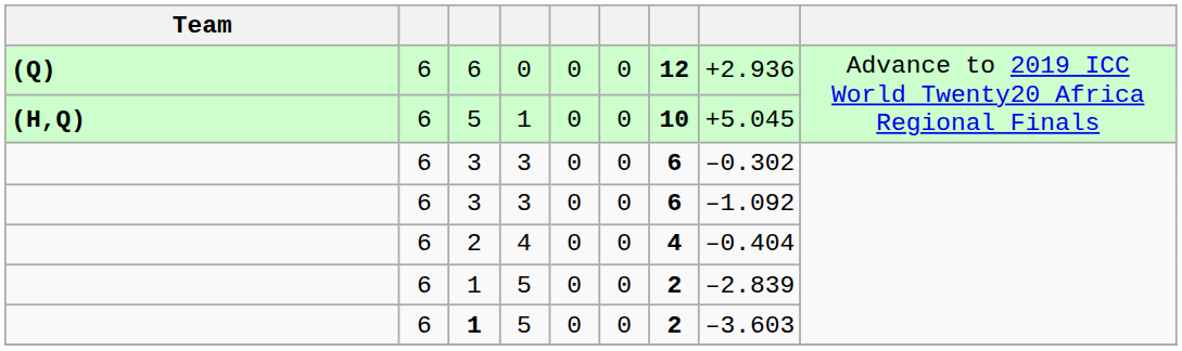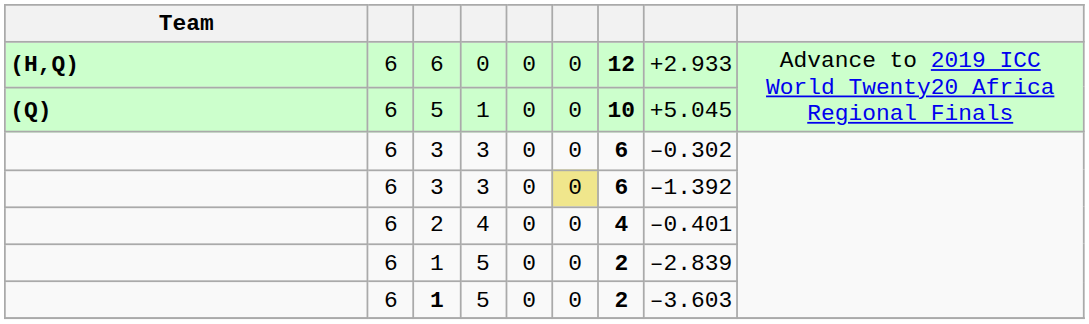 <table class="wikitable" style="text-align:center">
 <tr>
 <th width=200>Team</th>
 <th width=20></th>
 <th width=20></th>
 <th width=20></th>
 <th width=20></th>
 <th width=20></th>
 <th width=20></th>
 <th width=45></th>
 <th width=190></th>
 </tr>
 <tr style="background:#cfc">
-<td align="left"> <strong>(Q)</strong></td>
+<td align="left"> <strong>(H,Q)</strong></td>
 <td>6</td>
 <td>6</td>
 <td>0</td>
 <td>0</td>
 <td>0</td>
 <td><strong>12</strong></td>
-<td>+2.936</td>
+<td>+2.933</td>
 <td rowspan=2>Advance to <a href='#'>2019 ICC World Twenty20 Africa Regional Finals</a></td>
 </tr>
 <tr style="background:#cfc">
-<td align="left"> <strong>(H,Q)</strong></td>
+<td align="left"> <strong>(Q)</strong></td>
 <td>6</td>
 <td>5</td>
 <td>1</td>
 <td>0</td>
 <td>0</td>
 <td><strong>10</strong></td>
 <td>+5.045</td>
 </tr>
 <tr>
 <td align="left"></td>
 <td>6</td>
 <td>3</td>
 <td>3</td>
 <td>0</td>
 <td>0</td>
 <td><strong>6</strong></td>
 <td>–0.302</td>
 <td rowspan=5></td>
 </tr>
 <tr>
 <td align="left"></td>
 <td>6</td>
 <td>3</td>
 <td>3</td>
 <td>0</td>
-<td>0</td>
+<td style="background: khaki;">0</td>
 <td><strong>6</strong></td>
-<td>–1.092</td>
+<td>–1.392</td>
 </tr>
 <tr>
 <td align="left"></td>
 <td>6</td>
 <td>2</td>
 <td>4</td>
 <td>0</td>
 <td>0</td>
 <td><strong>4</strong></td>
-<td>–0.404</td>
+<td>–0.401</td>
 </tr>
 <tr>
 <td align="left"></td>
 <td>6</td>
 <td>1</td>
 <td>5</td>
 <td>0</td>
 <td>0</td>
 <td><strong>2</strong></td>
 <td>–2.839</td>
 </tr>
 <tr>
 <td align="left"></td>
 <td>6</td>
 <td><strong>1</strong></td>
 <td>5</td>
 <td>0</td>
 <td>0</td>
 <td><strong>2</strong></td>
 <td>–3.603</td>
 </tr>
 <tr>
 </tr>
 </table>
